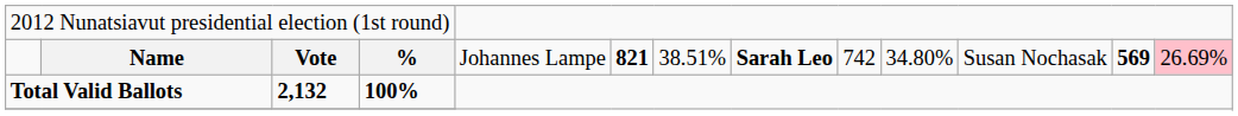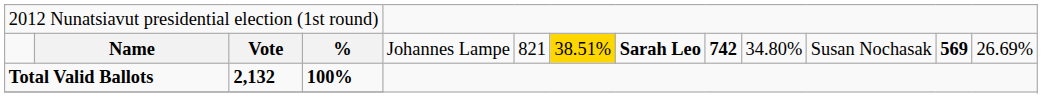 <table class="wikitable">
 <tr>
 <td colspan=4 align=center>2012 Nunatsiavut presidential election (1st round)</td>
 </tr>
 <tr>
 <td></td>
 <th><strong>Name </strong></th>
 <th><strong>Vote</strong></th>
 <th><strong>%</strong><br></th>
 <td>Johannes Lampe</td>
-<td><strong>821</strong></td>
-<td>38.51%<br></td>
+<td>821</td>
+<td style="background: gold;">38.51%<br></td>
 <td><strong>Sarah Leo</strong></td>
-<td>742</td>
+<td><strong>742</strong></td>
 <td>34.80%<br></td>
 <td>Susan Nochasak</td>
 <td><strong>569</strong></td>
-<td style="background: pink;">26.69%</td>
+<td>26.69%</td>
 </tr>
 <tr>
 <td colspan=2><strong>Total Valid Ballots</strong></td>
 <td><strong>2,132</strong></td>
 <td><strong>100%</strong></td>
 </tr>
 <tr>
 </tr>
 </table>
